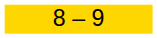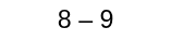 <table style="text-align:center">
 <tr>
 <th width=200></th>
 <th width=100></th>
 <th width=200></th>
 </tr>
 <tr>
 <td align=right></td>
-<td style="background: gold;">8 – 9</td>
+<td>8 – 9</td>
 <td align=left><strong></strong></td>
 </tr>
 </table>
